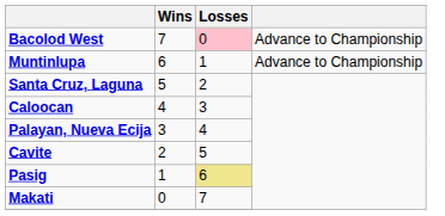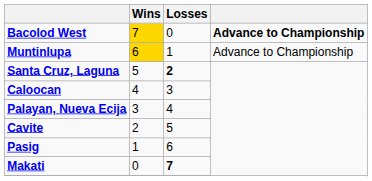 <table class="wikitable">
 <tr align=center>
 <th></th>
 <th>Wins</th>
 <th>Losses</th>
 <th></th>
 </tr>
 <tr>
 <td><strong><a href='#'>Bacolod West</a></strong></td>
-<td>7</td>
-<td style="background: pink;">0</td>
-<td>Advance to Championship</td>
+<td style="background: gold;">7</td>
+<td>0</td>
+<td><strong>Advance to Championship</strong></td>
 </tr>
 <tr>
 <td><strong><a href='#'>Muntinlupa</a></strong></td>
-<td>6</td>
+<td style="background: gold;">6</td>
 <td>1</td>
 <td>Advance to Championship</td>
 </tr>
 <tr>
 <td><strong><a href='#'>Santa Cruz, Laguna</a></strong></td>
 <td>5</td>
-<td>2</td>
+<td><strong>2</strong></td>
 </tr>
 <tr>
 <td><strong><a href='#'>Caloocan</a></strong></td>
 <td>4</td>
 <td>3</td>
 </tr>
 <tr>
 <td><strong><a href='#'>Palayan, Nueva Ecija</a></strong></td>
 <td>3</td>
 <td>4</td>
 </tr>
 <tr>
 <td><strong><a href='#'>Cavite</a></strong></td>
 <td>2</td>
 <td>5</td>
 </tr>
 <tr>
 <td><strong><a href='#'>Pasig</a></strong></td>
 <td>1</td>
-<td style="background: khaki;">6</td>
+<td>6</td>
 </tr>
 <tr>
 <td><strong><a href='#'>Makati</a></strong></td>
 <td>0</td>
-<td>7</td>
+<td><strong>7</strong></td>
 </tr>
 <tr>
 </tr>
 </table>
